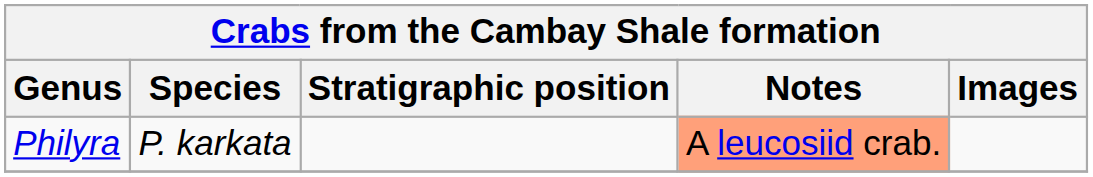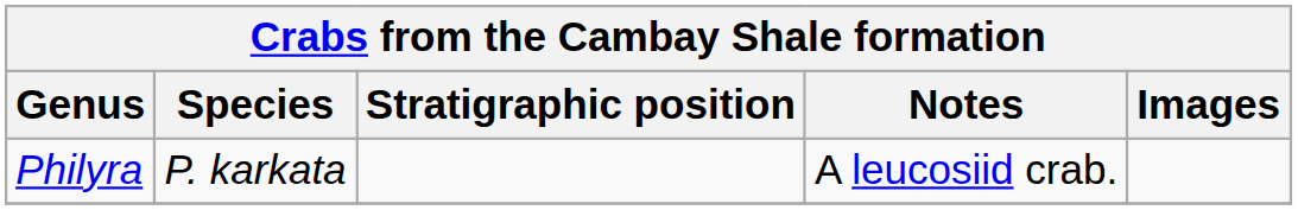 <table class="wikitable" align="center">
 <tr>
 <th colspan="7" align="center"><strong><a href='#'>Crabs</a> from the Cambay Shale formation</strong></th>
 </tr>
 <tr>
 <th>Genus</th>
 <th>Species</th>
 <th>Stratigraphic position</th>
 <th>Notes</th>
 <th>Images</th>
 </tr>
 <tr>
 <td><em><a href='#'>Philyra</a></em></td>
 <td><em>P. karkata</em></td>
 <td></td>
-<td style="background: lightsalmon;">A <a href='#'>leucosiid</a> crab.</td>
+<td>A <a href='#'>leucosiid</a> crab.</td>
 <td></td>
 </tr>
 <tr>
 </tr>
 </table>
